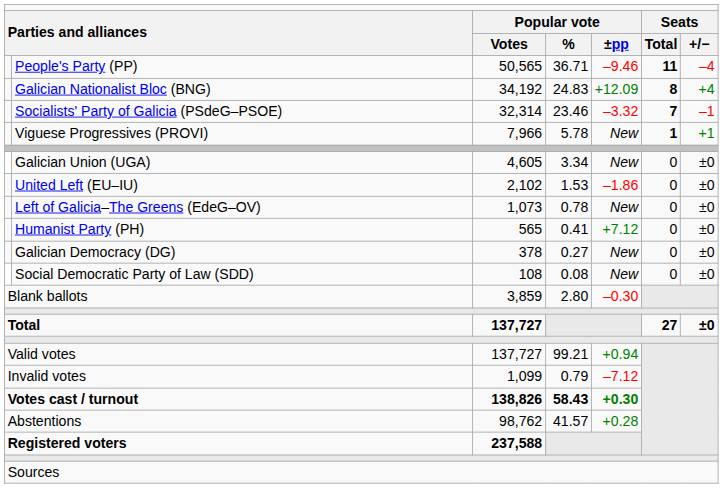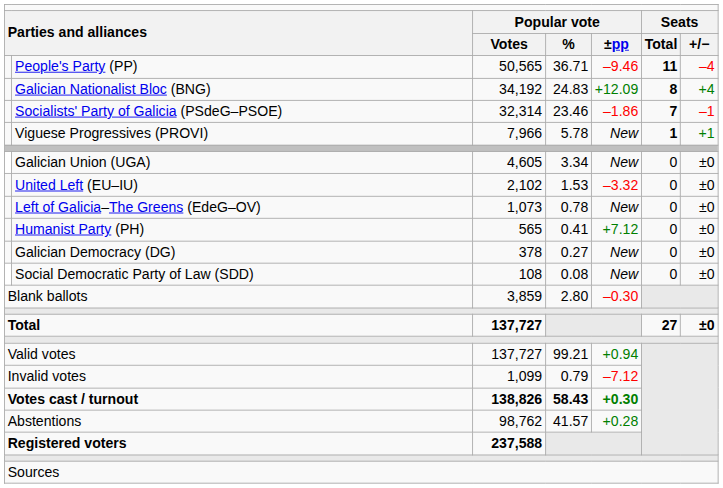 <table class="wikitable" style="text-align:right;">
 <tr>
 <td colspan="7"></td>
 </tr>
 <tr>
 <th style="text-align:left;" rowspan="2" colspan="2" width="525">Parties and alliances</th>
 <th colspan="3">Popular vote</th>
 <th colspan="2">Seats</th>
 </tr>
 <tr>
 <th width="75">Votes</th>
 <th width="45">%</th>
 <th width="45">±<a href='#'>pp</a></th>
 <th width="35">Total</th>
 <th width="35">+/−</th>
 </tr>
 <tr>
 <td width="1" style="color:inherit;background:"></td>
 <td align="left"><a href='#'>People's Party</a> (PP)</td>
 <td>50,565</td>
 <td>36.71</td>
 <td style="color:red;">–9.46</td>
 <td><strong>11</strong></td>
 <td style="color:red;">–4</td>
 </tr>
 <tr>
 <td style="color:inherit;background:"></td>
 <td align="left"><a href='#'>Galician Nationalist Bloc</a> (BNG)</td>
 <td>34,192</td>
 <td>24.83</td>
 <td style="color:green;">+12.09</td>
 <td><strong>8</strong></td>
 <td style="color:green;">+4</td>
 </tr>
 <tr>
 <td style="color:inherit;background:"></td>
 <td align="left"><a href='#'>Socialists' Party of Galicia</a> (PSdeG–PSOE)</td>
 <td>32,314</td>
 <td>23.46</td>
-<td style="color:red;">–3.32</td>
+<td style="color:red;">–1.86</td>
 <td><strong>7</strong></td>
 <td style="color:red;">–1</td>
 </tr>
 <tr>
 <td style="color:inherit;background:"></td>
 <td align="left">Viguese Progressives (PROVI)</td>
 <td>7,966</td>
 <td>5.78</td>
 <td><em>New</em></td>
 <td><strong>1</strong></td>
 <td style="color:green;">+1</td>
 </tr>
 <tr>
 <td colspan="7" bgcolor="#C0C0C0"></td>
 </tr>
 <tr>
 <td bgcolor="white"></td>
 <td align="left">Galician Union (UGA)</td>
 <td>4,605</td>
 <td>3.34</td>
 <td><em>New</em></td>
 <td>0</td>
 <td>±0</td>
 </tr>
 <tr>
 <td style="color:inherit;background:"></td>
 <td align="left"><a href='#'>United Left</a> (EU–IU)</td>
 <td>2,102</td>
 <td>1.53</td>
-<td style="color:red;">–1.86</td>
+<td style="color:red;">–3.32</td>
 <td>0</td>
 <td>±0</td>
 </tr>
 <tr>
 <td style="color:inherit;background:"></td>
 <td align="left"><a href='#'>Left of Galicia</a>–<a href='#'>The Greens</a> (EdeG–OV)</td>
 <td>1,073</td>
 <td>0.78</td>
 <td><em>New</em></td>
 <td>0</td>
 <td>±0</td>
 </tr>
 <tr>
 <td style="color:inherit;background:"></td>
 <td align="left"><a href='#'>Humanist Party</a> (PH)</td>
 <td>565</td>
 <td>0.41</td>
 <td style="color:green;">+7.12</td>
 <td>0</td>
 <td>±0</td>
 </tr>
 <tr>
 <td style="color:inherit;background:"></td>
 <td align="left">Galician Democracy (DG)</td>
 <td>378</td>
 <td>0.27</td>
 <td><em>New</em></td>
 <td>0</td>
 <td>±0</td>
 </tr>
 <tr>
 <td bgcolor="white"></td>
 <td align="left">Social Democratic Party of Law (SDD)</td>
 <td>108</td>
 <td>0.08</td>
 <td><em>New</em></td>
 <td>0</td>
 <td>±0</td>
 </tr>
 <tr>
 <td align="left" colspan="2">Blank ballots</td>
 <td>3,859</td>
 <td>2.80</td>
 <td style="color:red;">–0.30</td>
 <td bgcolor="#E9E9E9" colspan="2"></td>
 </tr>
 <tr>
 <td colspan="7" bgcolor="#E9E9E9"></td>
 </tr>
 <tr style="font-weight:bold;">
 <td align="left" colspan="2">Total</td>
 <td>137,727</td>
 <td bgcolor="#E9E9E9" colspan="2"></td>
 <td>27</td>
 <td>±0</td>
 </tr>
 <tr>
 <td colspan="7" bgcolor="#E9E9E9"></td>
 </tr>
 <tr>
 <td align="left" colspan="2">Valid votes</td>
 <td>137,727</td>
 <td>99.21</td>
 <td style="color:green;">+0.94</td>
 <td bgcolor="#E9E9E9" colspan="2" rowspan="5"></td>
 </tr>
 <tr>
 <td align="left" colspan="2">Invalid votes</td>
 <td>1,099</td>
 <td>0.79</td>
 <td style="color:red;">–7.12</td>
 </tr>
 <tr style="font-weight:bold;">
 <td align="left" colspan="2">Votes cast / turnout</td>
 <td>138,826</td>
 <td>58.43</td>
 <td style="color:green;">+0.30</td>
 </tr>
 <tr>
 <td align="left" colspan="2">Abstentions</td>
 <td>98,762</td>
 <td>41.57</td>
 <td style="color:green;">+0.28</td>
 </tr>
 <tr style="font-weight:bold;">
 <td align="left" colspan="2">Registered voters</td>
 <td>237,588</td>
 <td bgcolor="#E9E9E9" colspan="2"></td>
 </tr>
 <tr>
 <td colspan="7" bgcolor="#E9E9E9"></td>
 </tr>
 <tr>
 <td align="left" colspan="7">Sources</td>
 </tr>
 </table>
